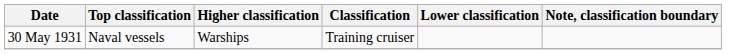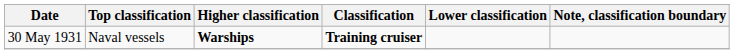 <table class="wikitable">
 <tr>
 <th>Date</th>
 <th>Top classification</th>
 <th>Higher classification</th>
 <th>Classification</th>
 <th>Lower classification</th>
 <th>Note, classification boundary</th>
 </tr>
 <tr>
 <td>30 May 1931</td>
 <td>Naval vessels</td>
-<td>Warships</td>
-<td>Training cruiser</td>
+<td><strong>Warships</strong></td>
+<td><strong>Training cruiser</strong></td>
 <td></td>
 <td></td>
 </tr>
 <tr>
 </tr>
 </table>
